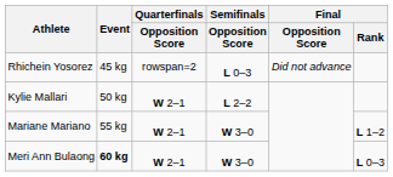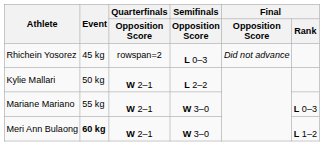 <table class="wikitable" style="font-size:90%">
 <tr>
 <th rowspan=2>Athlete</th>
 <th rowspan=2>Event</th>
 <th>Quarterfinals</th>
 <th>Semifinals</th>
 <th colspan=2>Final</th>
 </tr>
 <tr style="font-size:95">
 <th>Opposition<br>Score</th>
 <th>Opposition<br>Score</th>
 <th>Opposition<br>Score</th>
 <th>Rank</th>
 </tr>
 <tr align=center>
 <td align=left>Rhichein Yosorez</td>
 <td align=left>45 kg</td>
 <td>rowspan=2 </td>
 <td><br><strong>L</strong> 0–3</td>
 <td><em>Did not advance</em></td>
 <td></td>
 </tr>
 <tr align=center>
 <td align=left>Kylie Mallari</td>
 <td align=left>50 kg</td>
 <td><br><strong>W</strong> 2–1</td>
 <td><br><strong>L</strong> 2–2</td>
 <td rowspan=3></td>
 </tr>
 <tr align=center>
 <td align=left>Mariane Mariano</td>
 <td align=left>55 kg</td>
 <td><br><strong>W</strong> 2–1</td>
 <td><br><strong>W</strong> 3–0</td>
-<td><br><strong>L</strong> 1–2</td>
+<td><br><strong>L</strong> 0–3</td>
 </tr>
 <tr align=center>
 <td align=left>Meri Ann Bulaong</td>
 <td align=left><strong>60 kg</strong></td>
 <td><br><strong>W</strong> 2–1</td>
 <td><br><strong>W</strong> 3–0</td>
-<td><br><strong>L</strong> 0–3</td>
+<td><br><strong>L</strong> 1–2</td>
 </tr>
 </table>
